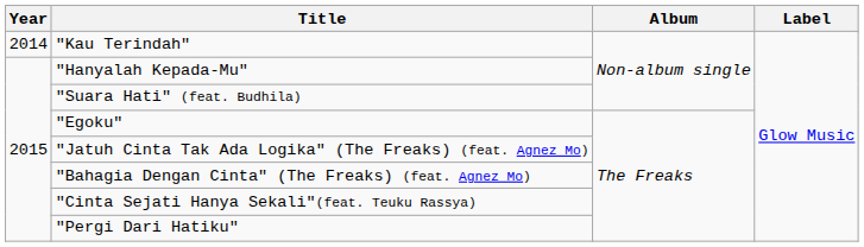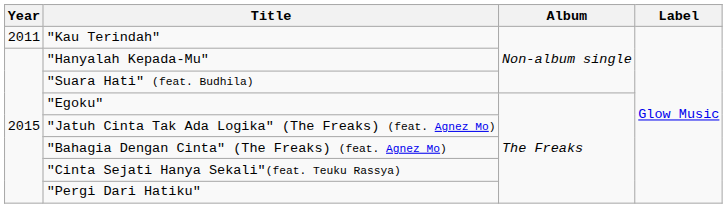 <table class="wikitable">
 <tr>
 <th>Year</th>
 <th>Title</th>
 <th>Album</th>
 <th>Label</th>
 </tr>
 <tr>
-<td>2014</td>
+<td>2011</td>
 <td>"Kau Terindah"</td>
 <td rowspan= "3"><em>Non-album single</em></td>
 <td rowspan= "8"><a href='#'>Glow Music</a></td>
 </tr>
 <tr>
 <td rowspan= "7">2015</td>
 <td>"Hanyalah Kepada-Mu"</td>
 </tr>
 <tr>
 <td>"Suara Hati" <small>(feat. Budhila)</small></td>
 </tr>
 <tr>
 <td>"Egoku"</td>
 <td rowspan= "5"><em>The Freaks</em></td>
 </tr>
 <tr>
 <td>"Jatuh Cinta Tak Ada Logika" (The Freaks) <small>(feat. <a href='#'>Agnez Mo</a>)</small></td>
 </tr>
 <tr>
 <td>"Bahagia Dengan Cinta" (The Freaks) <small>(feat. <a href='#'>Agnez Mo</a>)</small></td>
 </tr>
 <tr>
 <td>"Cinta Sejati Hanya Sekali"<small>(feat. Teuku Rassya)</small></td>
 </tr>
 <tr>
 <td>"Pergi Dari Hatiku"</td>
 </tr>
 </table>
